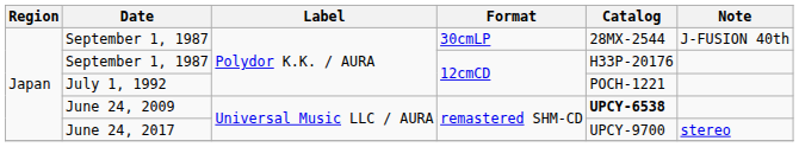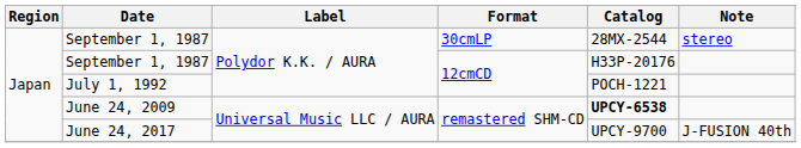 <table class="wikitable sortable">
 <tr>
 <th>Region</th>
 <th>Date</th>
 <th>Label</th>
 <th>Format</th>
 <th>Catalog</th>
 <th>Note</th>
 </tr>
 <tr>
 <td rowspan="5">Japan</td>
 <td>September 1, 1987</td>
 <td rowspan="3"><a href='#'>Polydor</a> K.K. / AURA</td>
 <td><a href='#'>30cmLP</a></td>
 <td>28MX-2544</td>
-<td>J-FUSION 40th</td>
+<td><a href='#'>stereo</a></td>
 </tr>
 <tr>
 <td>September 1, 1987</td>
 <td rowspan="2"><a href='#'>12cmCD</a></td>
 <td>H33P-20176</td>
 <td></td>
 </tr>
 <tr>
 <td>July 1, 1992</td>
 <td>POCH-1221</td>
 <td></td>
 </tr>
 <tr>
 <td>June 24, 2009</td>
 <td rowspan="2"><a href='#'>Universal Music</a> LLC / AURA</td>
 <td rowspan="2"><a href='#'>remastered</a> SHM-CD</td>
 <td><strong>UPCY-6538</strong></td>
 <td></td>
 </tr>
 <tr>
 <td>June 24, 2017</td>
 <td>UPCY-9700</td>
-<td><a href='#'>stereo</a></td>
+<td>J-FUSION 40th</td>
 </tr>
 <tr>
 </tr>
 </table>
